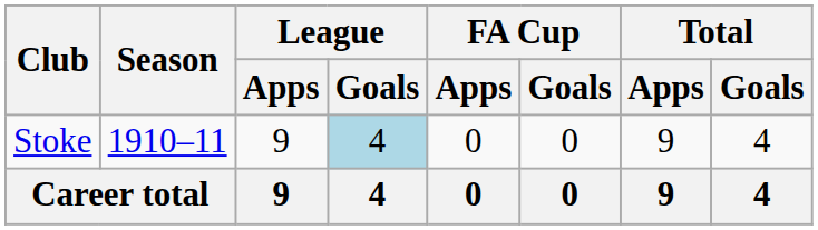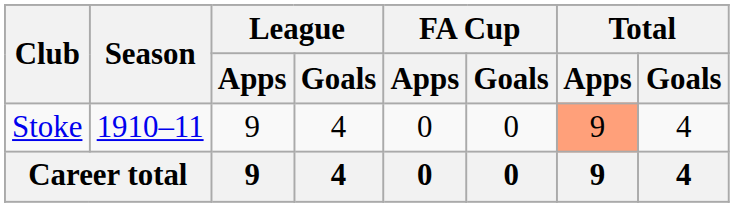 <table class="wikitable" style="text-align: center;">
 <tr>
 <th rowspan="2">Club</th>
 <th rowspan="2">Season</th>
 <th colspan="2">League</th>
 <th colspan="2">FA Cup</th>
 <th colspan="2">Total</th>
 </tr>
 <tr>
 <th>Apps</th>
 <th>Goals</th>
 <th>Apps</th>
 <th>Goals</th>
 <th>Apps</th>
 <th>Goals</th>
 </tr>
 <tr>
 <td><a href='#'>Stoke</a></td>
 <td><a href='#'>1910–11</a></td>
 <td>9</td>
-<td style="background: lightblue;">4</td>
+<td>4</td>
 <td>0</td>
 <td>0</td>
-<td>9</td>
+<td style="background: lightsalmon;">9</td>
 <td>4</td>
 </tr>
 <tr>
 <th colspan="2">Career total</th>
 <th>9</th>
 <th>4</th>
 <th>0</th>
 <th>0</th>
 <th>9</th>
 <th>4</th>
 </tr>
 </table>
